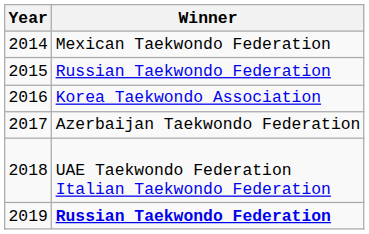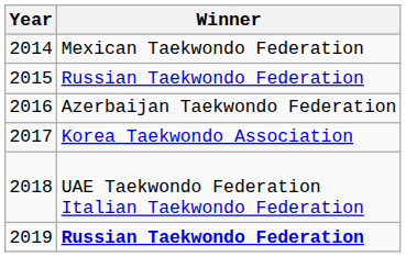 <table class="wikitable">
 <tr>
 <th>Year</th>
 <th>Winner</th>
 </tr>
 <tr>
 <td>2014</td>
 <td> Mexican Taekwondo Federation</td>
 </tr>
 <tr>
 <td>2015</td>
 <td> <a href='#'>Russian Taekwondo Federation</a></td>
 </tr>
 <tr>
 <td>2016</td>
-<td> <a href='#'>Korea Taekwondo Association</a></td>
+<td> Azerbaijan Taekwondo Federation</td>
 </tr>
 <tr>
 <td>2017</td>
-<td> Azerbaijan Taekwondo Federation</td>
+<td> <a href='#'>Korea Taekwondo Association</a></td>
 </tr>
 <tr>
 <td>2018</td>
 <td><br> UAE Taekwondo Federation<br>  <a href='#'>Italian Taekwondo Federation</a></td>
 </tr>
 <tr>
 <td>2019</td>
 <td><strong> <a href='#'>Russian Taekwondo Federation</a></strong></td>
 </tr>
 </table>
